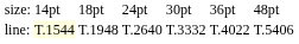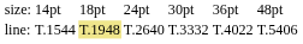 <table style="margin-left:40px;">
 <tr>
 <td>size:</td>
 <td>14pt</td>
 <td>18pt</td>
 <td>24pt</td>
 <td>30pt</td>
 <td>36pt</td>
 <td>48pt</td>
 </tr>
 <tr>
 <td>line:</td>
-<td style="background: lightyellow;">T.1544</td>
-<td>T.1948</td>
+<td>T.1544</td>
+<td style="background: khaki;">T.1948</td>
 <td>T.2640</td>
 <td>T.3332</td>
 <td>T.4022</td>
 <td>T.5406</td>
 </tr>
 </table>
